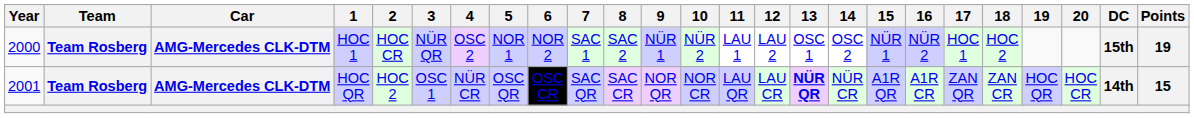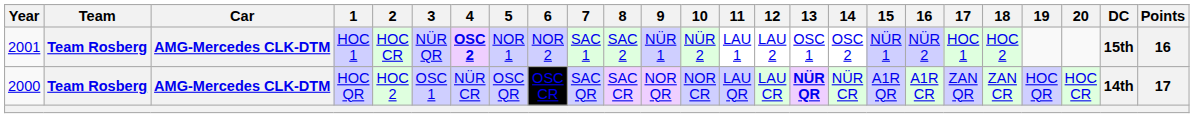 <table class="wikitable" border="1" style="text-align:center; font-size:85%;">
 <tr>
 <th>Year</th>
 <th>Team</th>
 <th>Car</th>
 <th>1</th>
 <th>2</th>
 <th>3</th>
 <th>4</th>
 <th>5</th>
 <th>6</th>
 <th>7</th>
 <th>8</th>
 <th>9</th>
 <th>10</th>
 <th>11</th>
 <th>12</th>
 <th>13</th>
 <th>14</th>
 <th>15</th>
 <th>16</th>
 <th>17</th>
 <th>18</th>
 <th>19</th>
 <th>20</th>
 <th>DC</th>
 <th>Points</th>
 </tr>
 <tr>
-<td><a href='#'>2000</a></td>
+<td><a href='#'>2001</a></td>
 <th nowrap><a href='#'>Team Rosberg</a></th>
 <th nowrap><a href='#'>AMG-Mercedes CLK-DTM</a></th>
 <td style="background:#CFCFFF;"><a href='#'>HOC<br>1</a><br></td>
 <td style="background:#DFFFDF;"><a href='#'>HOC<br>CR</a><br></td>
 <td style="background:#CFCFFF;"><a href='#'>NÜR<br>QR</a><br></td>
-<td style="background:#EFCFFF;"><a href='#'>OSC<br>2</a><br></td>
+<td style="background:#EFCFFF;"><strong><a href='#'>OSC<br>2</a><br></strong></td>
 <td style="background:#CFCFFF;"><a href='#'>NOR<br>1</a><br></td>
 <td style="background:#CFCFFF;"><a href='#'>NOR<br>2</a><br></td>
 <td style="background:#DFFFDF;"><a href='#'>SAC<br>1</a><br></td>
 <td style="background:#DFFFDF;"><a href='#'>SAC<br>2</a><br></td>
 <td style="background:#CFCFFF;"><a href='#'>NÜR<br>1</a><br></td>
 <td style="background:#DFFFDF;"><a href='#'>NÜR<br>2</a><br></td>
 <td style="background:#FFFFFF;"><a href='#'>LAU<br>1</a><br></td>
 <td style="background:#FFFFFF;"><a href='#'>LAU<br>2</a><br></td>
 <td style="background:#FFFFFF;"><a href='#'>OSC<br>1</a><br></td>
 <td style="background:#FFFFFF;"><a href='#'>OSC<br>2</a><br></td>
 <td style="background:#CFCFFF;"><a href='#'>NÜR<br>1</a><br></td>
 <td style="background:#CFCFFF;"><a href='#'>NÜR<br>2</a><br></td>
 <td style="background:#DFFFDF;"><a href='#'>HOC<br>1</a><br></td>
 <td style="background:#DFFFDF;"><a href='#'>HOC<br>2</a><br></td>
 <td></td>
 <td></td>
 <th>15th</th>
-<th>19</th>
+<th>16</th>
 </tr>
 <tr>
-<td><a href='#'>2001</a></td>
+<td><a href='#'>2000</a></td>
 <th nowrap><a href='#'>Team Rosberg</a></th>
 <th nowrap><a href='#'>AMG-Mercedes CLK-DTM</a></th>
 <td style="background:#CFCFFF;"><a href='#'>HOC<br>QR</a><br></td>
 <td style="background:#DFFFDF;"><a href='#'>HOC<br>2</a><br></td>
 <td style="background:#CFCFFF;"><a href='#'>OSC<br>1</a><br></td>
 <td style="background:#CFCFFF;"><a href='#'>NÜR<br>CR</a><br></td>
 <td style="background:#CFCFFF;"><a href='#'>OSC<br>QR</a><br></td>
 <td style="background:#000000; color:white"><a href='#'><span>OSC<br>CR</span></a><br></td>
 <td style="background:#CFCFFF;"><a href='#'>SAC<br>QR</a><br></td>
 <td style="background:#EFCFFF;"><a href='#'>SAC<br>CR</a><br></td>
 <td style="background:#EFCFFF;"><a href='#'>NOR<br>QR</a><br></td>
 <td style="background:#CFCFFF;"><a href='#'>NOR<br>CR</a><br></td>
 <td style="background:#CFCFFF;"><a href='#'>LAU<br>QR</a><br></td>
 <td style="background:#DFFFDF;"><a href='#'>LAU<br>CR</a><br></td>
 <td style="background:#EFCFFF;"><strong><a href='#'>NÜR<br>QR</a><br></strong></td>
 <td style="background:#DFFFDF;"><a href='#'>NÜR<br>CR</a><br></td>
 <td style="background:#CFCFFF;"><a href='#'>A1R<br>QR</a><br></td>
 <td style="background:#DFFFDF;"><a href='#'>A1R<br>CR</a><br></td>
 <td style="background:#CFCFFF;"><a href='#'>ZAN<br>QR</a><br></td>
 <td style="background:#DFFFDF;"><a href='#'>ZAN<br>CR</a><br></td>
 <td style="background:#CFCFFF;"><a href='#'>HOC<br>QR</a><br></td>
 <td style="background:#DFFFDF;"><a href='#'>HOC<br>CR</a><br></td>
 <th>14th</th>
-<th>15</th>
+<th>17</th>
 </tr>
 <tr>
 <th colspan="25"></th>
 </tr>
 </table>
